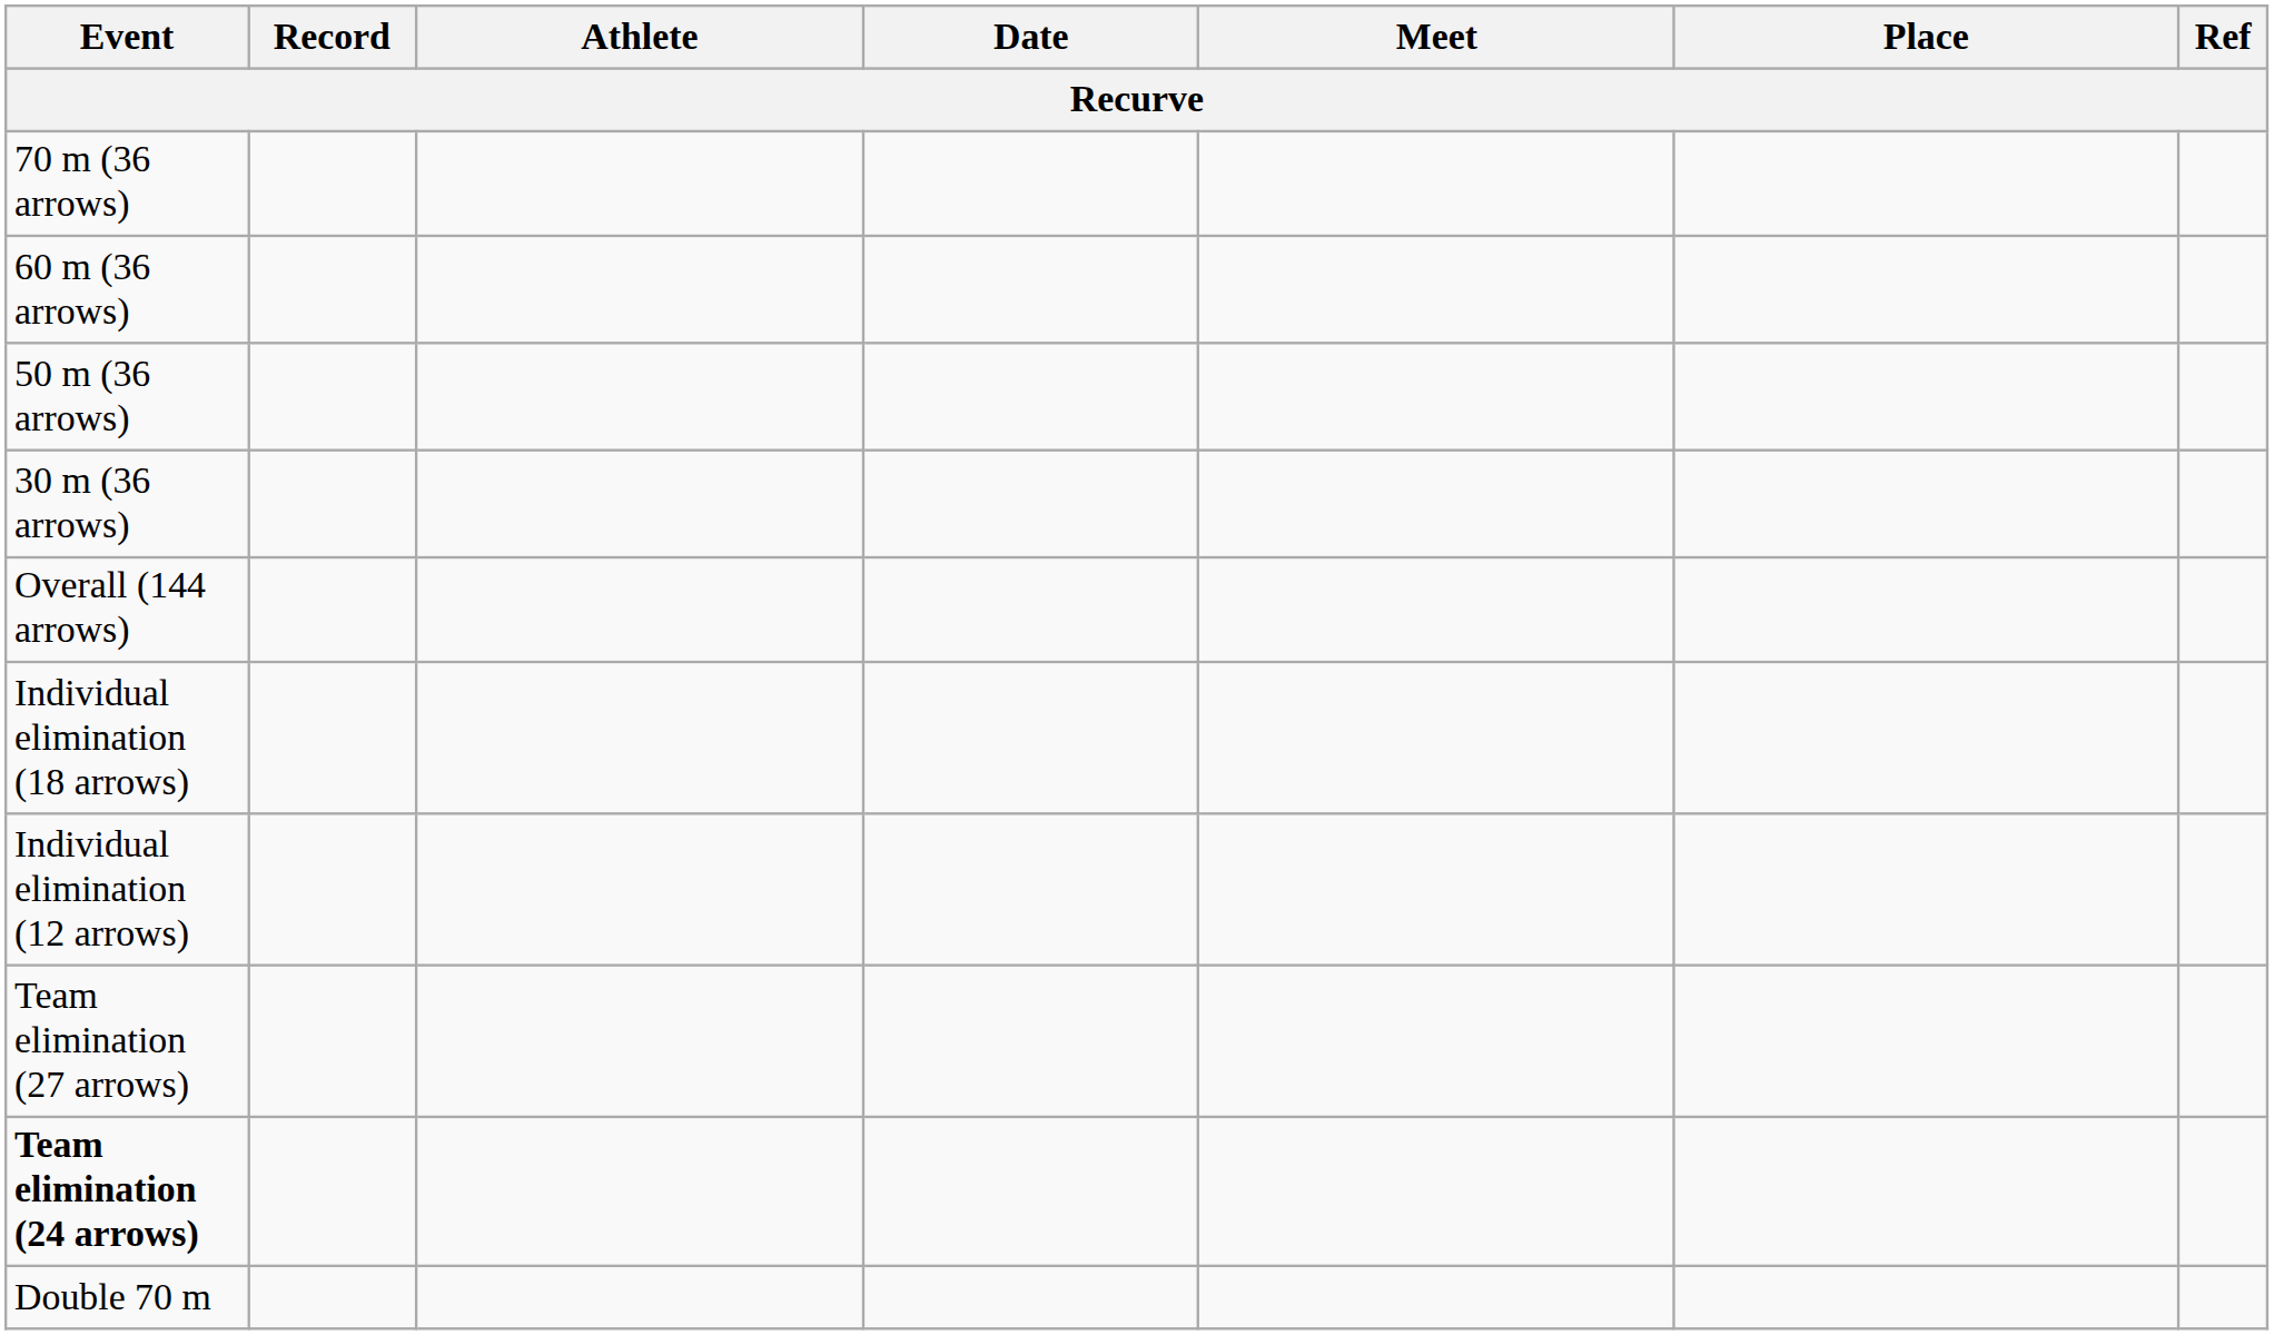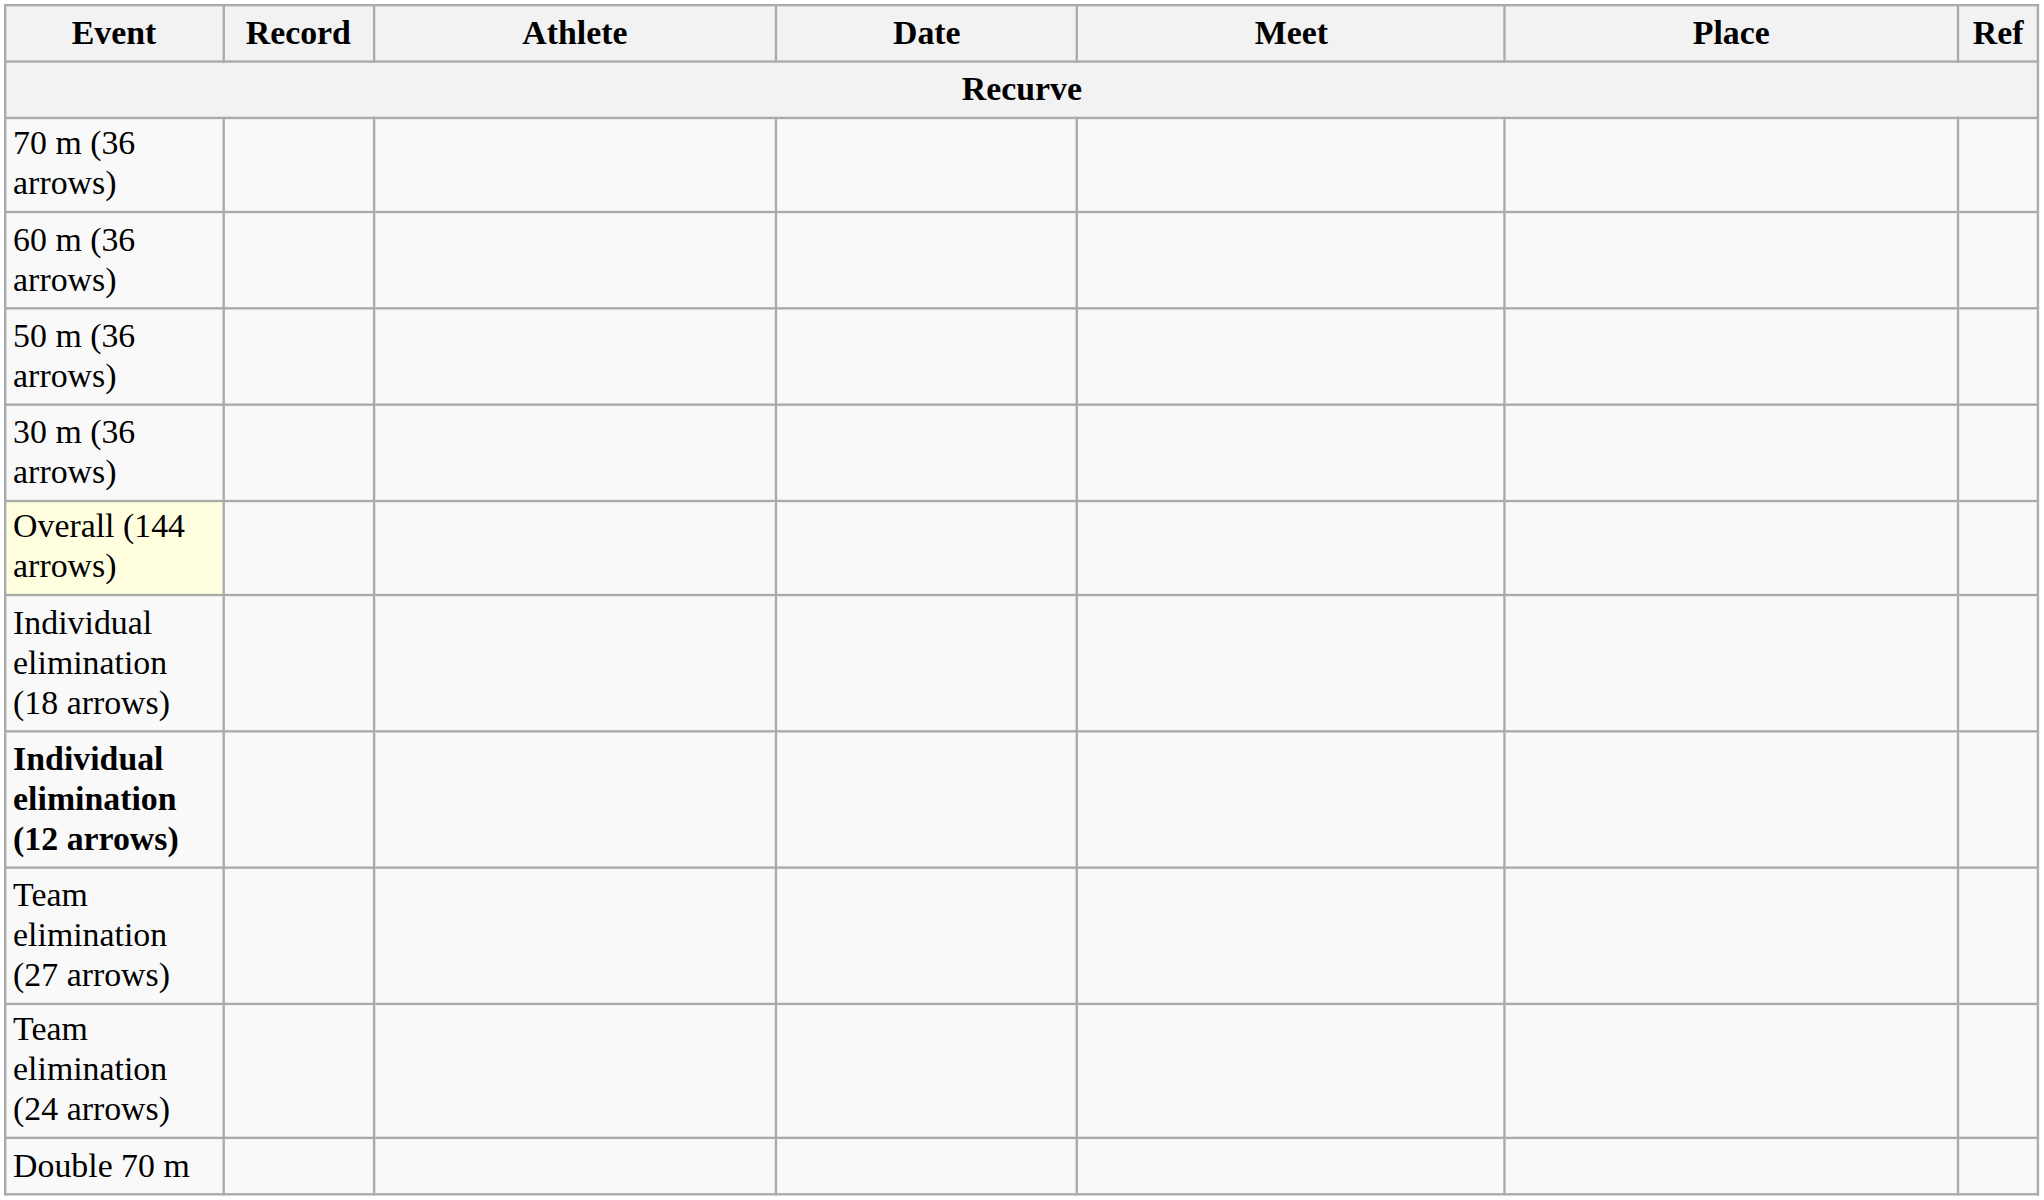 <table class="wikitable" style="font-size:90%; width: 98%;">
 <tr>
 <th width=8%>Event</th>
 <th width=6%>Record</th>
 <th width=16%>Athlete</th>
 <th width=12%>Date</th>
 <th width=17%>Meet</th>
 <th width=18%>Place</th>
 <th width=3%>Ref</th>
 </tr>
 <tr bgcolor="#DDDDDD">
 <th colspan="8">Recurve</th>
 </tr>
 <tr>
 <td>70 m (36 arrows)</td>
 <td align=center></td>
 <td></td>
 <td></td>
 <td></td>
 <td></td>
 <td></td>
 </tr>
 <tr>
 <td>60 m (36 arrows)</td>
 <td align=center></td>
 <td></td>
 <td></td>
 <td></td>
 <td></td>
 <td></td>
 </tr>
 <tr>
 <td>50 m (36 arrows)</td>
 <td align=center></td>
 <td></td>
 <td></td>
 <td></td>
 <td></td>
 <td></td>
 </tr>
 <tr>
 <td>30 m (36 arrows)</td>
 <td align=center></td>
 <td></td>
 <td></td>
 <td></td>
 <td></td>
 <td></td>
 </tr>
 <tr>
-<td>Overall (144 arrows)</td>
+<td style="background: lightyellow;">Overall (144 arrows)</td>
 <td align=center></td>
 <td></td>
 <td></td>
 <td></td>
 <td></td>
 <td></td>
 </tr>
 <tr>
 <td>Individual elimination (18 arrows)</td>
 <td align=center></td>
 <td></td>
 <td></td>
 <td></td>
 <td></td>
 <td></td>
 </tr>
 <tr>
-<td>Individual elimination (12 arrows)</td>
+<td><strong>Individual elimination (12 arrows)</strong></td>
 <td align=center></td>
 <td></td>
 <td></td>
 <td></td>
 <td></td>
 <td></td>
 </tr>
 <tr>
 <td>Team elimination (27 arrows)</td>
 <td align=center></td>
 <td></td>
 <td></td>
 <td></td>
 <td></td>
 <td></td>
 </tr>
 <tr>
-<td><strong>Team elimination (24 arrows)</strong></td>
+<td>Team elimination (24 arrows)</td>
 <td align=center></td>
 <td></td>
 <td></td>
 <td></td>
 <td></td>
 <td></td>
 </tr>
 <tr>
 <td>Double 70 m</td>
 <td align=center></td>
 <td></td>
 <td></td>
 <td></td>
 <td></td>
 <td></td>
 </tr>
 </table>
